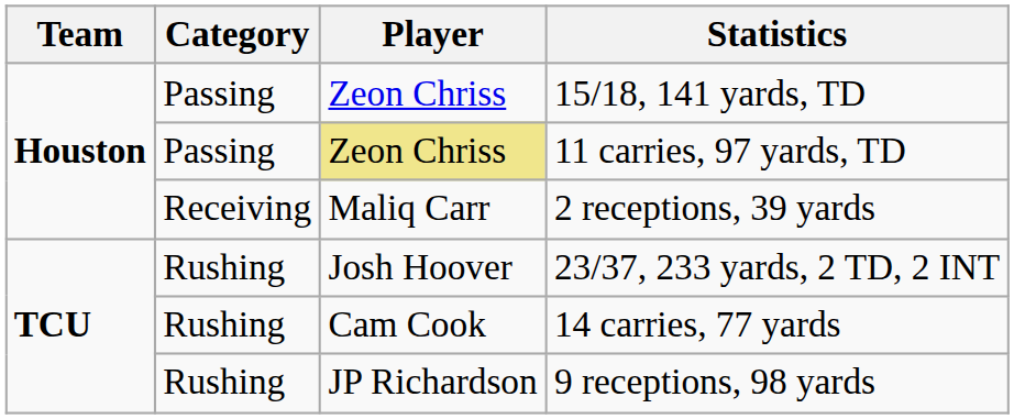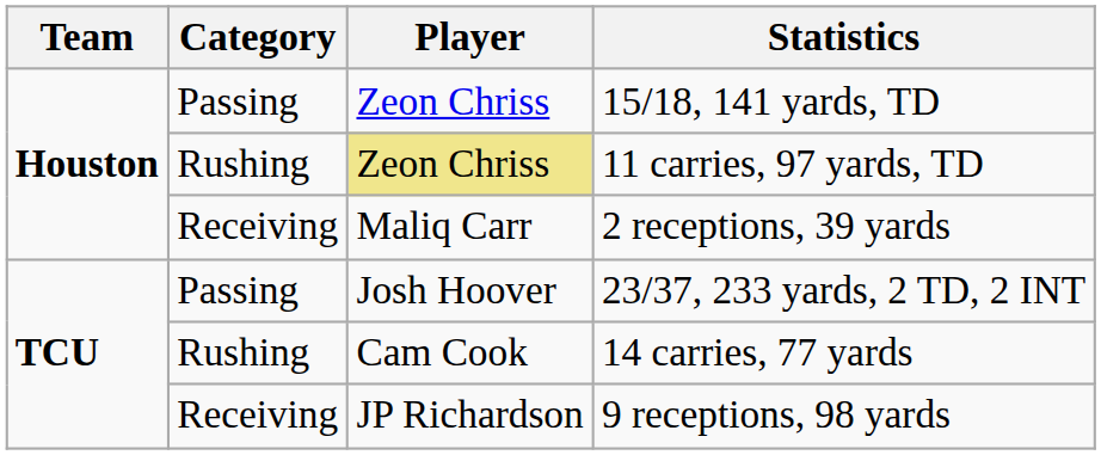 <table class="wikitable" style="float: right;">
 <tr>
 <th>Team</th>
 <th>Category</th>
 <th>Player</th>
 <th>Statistics</th>
 </tr>
 <tr>
 <td rowspan=3><strong>Houston</strong></td>
 <td>Passing</td>
 <td><a href='#'>Zeon Chriss</a></td>
 <td>15/18, 141 yards, TD</td>
 </tr>
 <tr>
-<td>Passing</td>
+<td>Rushing</td>
 <td style="background: khaki;">Zeon Chriss</td>
 <td>11 carries, 97 yards, TD</td>
 </tr>
 <tr>
 <td>Receiving</td>
 <td>Maliq Carr</td>
 <td>2 receptions, 39 yards</td>
 </tr>
 <tr>
 <td rowspan=3><strong>TCU</strong></td>
-<td>Rushing</td>
+<td>Passing</td>
 <td>Josh Hoover</td>
 <td>23/37, 233 yards, 2 TD, 2 INT</td>
 </tr>
 <tr>
 <td>Rushing</td>
 <td>Cam Cook</td>
 <td>14 carries, 77 yards</td>
 </tr>
 <tr>
-<td>Rushing</td>
+<td>Receiving</td>
 <td>JP Richardson</td>
 <td>9 receptions, 98 yards</td>
 </tr>
 </table>
